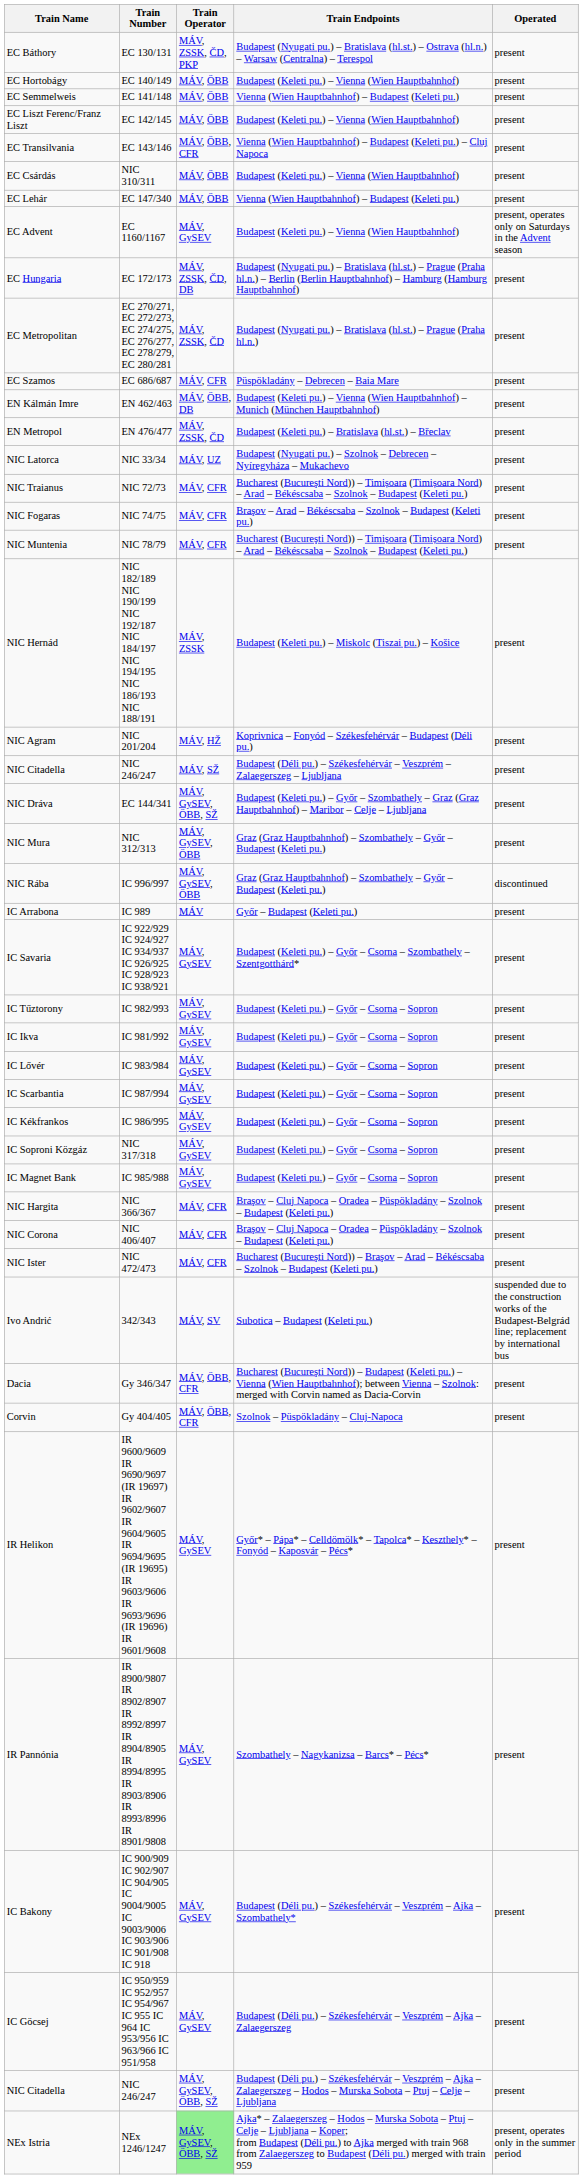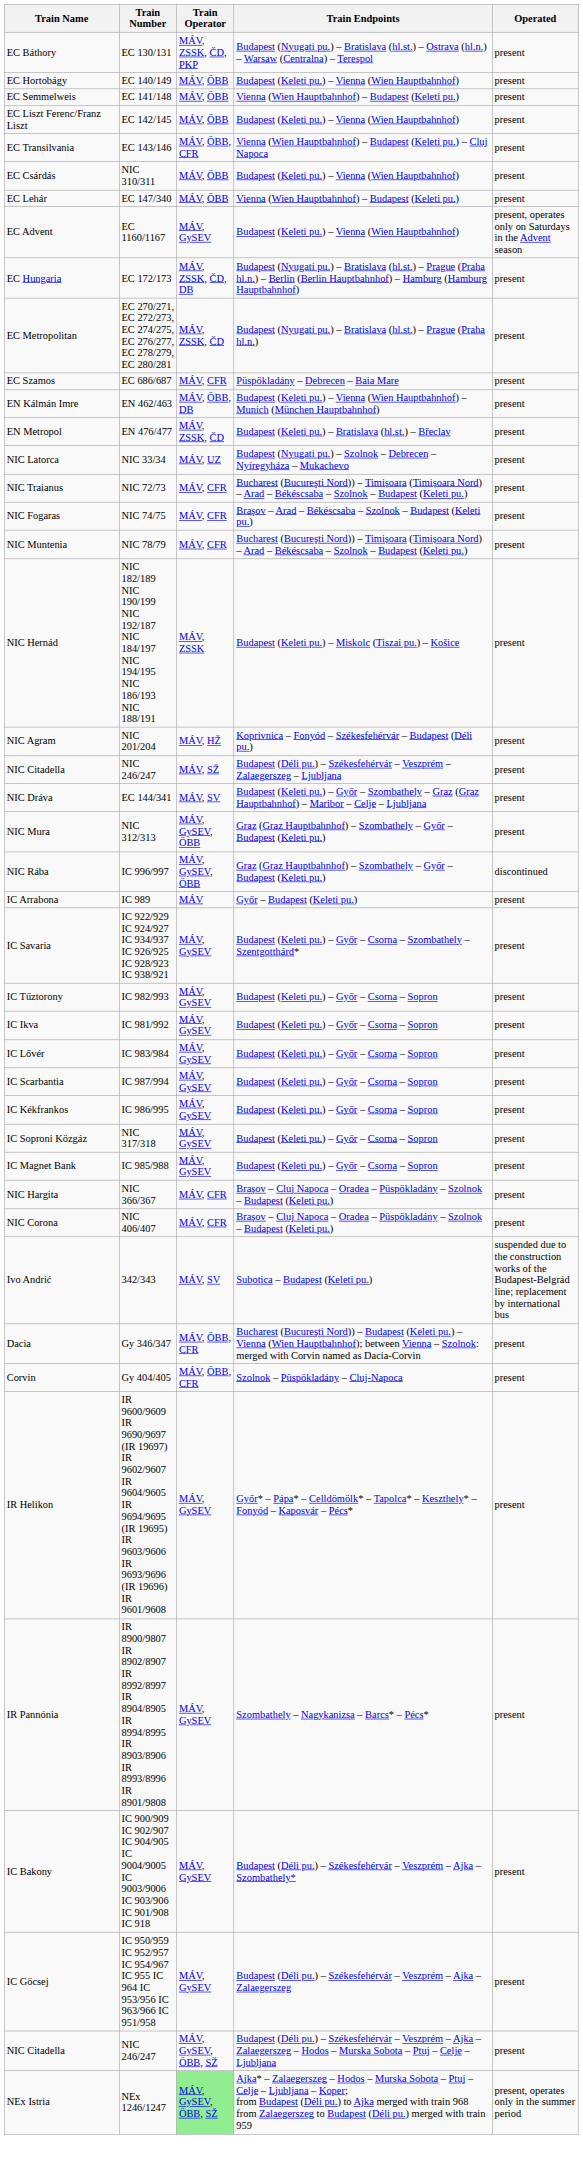 <table class="wikitable" width=100%>
 <tr>
 <th width=20%>Train Name</th>
 <th width=10%>Train Number</th>
 <th width=10%>Train Operator</th>
 <th width=45%>Train Endpoints</th>
 <th width=15%>Operated</th>
 </tr>
 <tr>
 <td>EC Báthory</td>
 <td>EC 130/131</td>
 <td><a href='#'>MÁV</a>, <a href='#'>ZSSK</a>, <a href='#'>ČD</a>, <a href='#'>PKP</a></td>
 <td><a href='#'>Budapest</a> (<a href='#'>Nyugati pu.</a>) – <a href='#'>Bratislava</a> (<a href='#'>hl.st.</a>) – <a href='#'>Ostrava</a> (<a href='#'>hl.n.</a>) – <a href='#'>Warsaw</a> (<a href='#'>Centralna</a>) – <a href='#'>Terespol</a></td>
 <td>present</td>
 </tr>
 <tr>
 <td>EC Hortobágy</td>
 <td>EC 140/149</td>
 <td><a href='#'>MÁV</a>, <a href='#'>ÖBB</a></td>
 <td><a href='#'>Budapest</a> (<a href='#'>Keleti pu.</a>) – <a href='#'>Vienna</a> (<a href='#'>Wien Hauptbahnhof</a>)</td>
 <td>present</td>
 </tr>
 <tr>
 <td>EC Semmelweis</td>
 <td>EC 141/148</td>
 <td><a href='#'>MÁV</a>, <a href='#'>ÖBB</a></td>
 <td><a href='#'>Vienna</a> (<a href='#'>Wien Hauptbahnhof</a>) – <a href='#'>Budapest</a> (<a href='#'>Keleti pu.</a>)</td>
 <td>present</td>
 </tr>
 <tr>
 <td>EC Liszt Ferenc/Franz Liszt</td>
 <td>EC 142/145</td>
 <td><a href='#'>MÁV</a>, <a href='#'>ÖBB</a></td>
 <td><a href='#'>Budapest</a> (<a href='#'>Keleti pu.</a>) – <a href='#'>Vienna</a> (<a href='#'>Wien Hauptbahnhof</a>)</td>
 <td>present</td>
 </tr>
 <tr>
 <td>EC Transilvania</td>
 <td>EC 143/146</td>
 <td><a href='#'>MÁV</a>, <a href='#'>ÖBB</a>, <a href='#'>CFR</a></td>
 <td><a href='#'>Vienna</a> (<a href='#'>Wien Hauptbahnhof</a>) – <a href='#'>Budapest</a> (<a href='#'>Keleti pu.</a>) – <a href='#'>Cluj Napoca</a></td>
 <td>present</td>
 </tr>
 <tr>
 <td>EC Csárdás</td>
 <td>NIC 310/311</td>
 <td><a href='#'>MÁV</a>, <a href='#'>ÖBB</a></td>
 <td><a href='#'>Budapest</a> (<a href='#'>Keleti pu.</a>) – <a href='#'>Vienna</a> (<a href='#'>Wien Hauptbahnhof</a>)</td>
 <td>present</td>
 </tr>
 <tr>
 <td>EC Lehár</td>
 <td>EC 147/340</td>
 <td><a href='#'>MÁV</a>, <a href='#'>ÖBB</a></td>
 <td><a href='#'>Vienna</a> (<a href='#'>Wien Hauptbahnhof</a>) – <a href='#'>Budapest</a> (<a href='#'>Keleti pu.</a>)</td>
 <td>present</td>
 </tr>
 <tr>
 <td>EC Advent</td>
 <td>EC 1160/1167</td>
 <td><a href='#'>MÁV</a>, <a href='#'>GySEV</a></td>
 <td><a href='#'>Budapest</a> (<a href='#'>Keleti pu.</a>) – <a href='#'>Vienna</a> (<a href='#'>Wien Hauptbahnhof</a>)</td>
 <td>present, operates only on Saturdays in the <a href='#'>Advent</a> season</td>
 </tr>
 <tr>
 <td>EC <a href='#'>Hungaria</a></td>
 <td>EC 172/173</td>
 <td><a href='#'>MÁV</a>, <a href='#'>ZSSK</a>, <a href='#'>ČD</a>, <a href='#'>DB</a></td>
 <td><a href='#'>Budapest</a> (<a href='#'>Nyugati pu.</a>) – <a href='#'>Bratislava</a> (<a href='#'>hl.st.</a>) – <a href='#'>Prague</a> (<a href='#'>Praha hl.n.</a>) – <a href='#'>Berlin</a> (<a href='#'>Berlin Hauptbahnhof</a>) – <a href='#'>Hamburg</a> (<a href='#'>Hamburg Hauptbahnhof</a>)</td>
 <td>present</td>
 </tr>
 <tr>
 <td>EC Metropolitan</td>
 <td>EC 270/271, EC 272/273, EC 274/275, EC 276/277, EC 278/279, EC 280/281</td>
 <td><a href='#'>MÁV</a>, <a href='#'>ZSSK</a>, <a href='#'>ČD</a></td>
 <td><a href='#'>Budapest</a> (<a href='#'>Nyugati pu.</a>) – <a href='#'>Bratislava</a> (<a href='#'>hl.st.</a>) – <a href='#'>Prague</a> (<a href='#'>Praha hl.n.</a>)</td>
 <td>present</td>
 </tr>
 <tr>
 <td>EC Szamos</td>
 <td>EC 686/687</td>
 <td><a href='#'>MÁV</a>, <a href='#'>CFR</a></td>
 <td><a href='#'>Püspökladány</a> – <a href='#'>Debrecen</a> – <a href='#'>Baia Mare</a></td>
 <td>present</td>
 </tr>
 <tr>
 <td>EN Kálmán Imre</td>
 <td>EN 462/463</td>
 <td><a href='#'>MÁV</a>, <a href='#'>ÖBB</a>, <a href='#'>DB</a></td>
 <td><a href='#'>Budapest</a> (<a href='#'>Keleti pu.</a>) – <a href='#'>Vienna</a> (<a href='#'>Wien Hauptbahnhof</a>) – <a href='#'>Munich</a> (<a href='#'>München Hauptbahnhof</a>)</td>
 <td>present</td>
 </tr>
 <tr>
 <td>EN Metropol</td>
 <td>EN 476/477</td>
 <td><a href='#'>MÁV</a>, <a href='#'>ZSSK</a>, <a href='#'>ČD</a></td>
 <td><a href='#'>Budapest</a> (<a href='#'>Keleti pu.</a>) – <a href='#'>Bratislava</a> (<a href='#'>hl.st.</a>) – <a href='#'>Břeclav</a></td>
 <td>present</td>
 </tr>
 <tr>
 <td>NIC Latorca</td>
 <td>NIC 33/34</td>
 <td><a href='#'>MÁV</a>, <a href='#'>UZ</a></td>
 <td><a href='#'>Budapest</a> (<a href='#'>Nyugati pu.</a>) – <a href='#'>Szolnok</a> – <a href='#'>Debrecen</a> – <a href='#'>Nyíregyháza</a> – <a href='#'>Mukachevo</a></td>
 <td>present</td>
 </tr>
 <tr>
 <td>NIC Traianus</td>
 <td>NIC 72/73</td>
 <td><a href='#'>MÁV</a>, <a href='#'>CFR</a></td>
 <td><a href='#'>Bucharest</a> (<a href='#'>Bucureşti Nord</a>)) – <a href='#'>Timișoara</a> (<a href='#'>Timișoara Nord</a>) – <a href='#'>Arad</a> – <a href='#'>Békéscsaba</a> – <a href='#'>Szolnok</a> – <a href='#'>Budapest</a> (<a href='#'>Keleti pu.</a>)</td>
 <td>present</td>
 </tr>
 <tr>
 <td>NIC Fogaras</td>
 <td>NIC 74/75</td>
 <td><a href='#'>MÁV</a>, <a href='#'>CFR</a></td>
 <td><a href='#'>Braşov</a> – <a href='#'>Arad</a> – <a href='#'>Békéscsaba</a> – <a href='#'>Szolnok</a> – <a href='#'>Budapest</a> (<a href='#'>Keleti pu.</a>)</td>
 <td>present</td>
 </tr>
 <tr>
 <td>NIC Muntenia</td>
 <td>NIC 78/79</td>
 <td><a href='#'>MÁV</a>, <a href='#'>CFR</a></td>
 <td><a href='#'>Bucharest</a> (<a href='#'>Bucureşti Nord</a>)) – <a href='#'>Timișoara</a> (<a href='#'>Timișoara Nord</a>) – <a href='#'>Arad</a> – <a href='#'>Békéscsaba</a> – <a href='#'>Szolnok</a> – <a href='#'>Budapest</a> (<a href='#'>Keleti pu.</a>)</td>
 <td>present</td>
 </tr>
 <tr>
 <td>NIC Hernád</td>
 <td>NIC 182/189 NIC 190/199 NIC 192/187 NIC 184/197 NIC 194/195 NIC 186/193 NIC 188/191</td>
 <td><a href='#'>MÁV</a>, <a href='#'>ZSSK</a></td>
 <td><a href='#'>Budapest</a> (<a href='#'>Keleti pu.</a>) – <a href='#'>Miskolc</a> (<a href='#'>Tiszai pu.</a>) – <a href='#'>Košice</a></td>
 <td>present</td>
 </tr>
 <tr>
 <td>NIC Agram</td>
 <td>NIC 201/204</td>
 <td><a href='#'>MÁV</a>, <a href='#'>HŽ</a></td>
 <td><a href='#'>Koprivnica</a> – <a href='#'>Fonyód</a> – <a href='#'>Székesfehérvár</a> – <a href='#'>Budapest</a> (<a href='#'>Déli pu.</a>)</td>
 <td>present</td>
 </tr>
 <tr>
 <td>NIC Citadella</td>
 <td>NIC 246/247</td>
 <td><a href='#'>MÁV</a>, <a href='#'>SŽ</a></td>
 <td><a href='#'>Budapest</a> (<a href='#'>Déli pu.</a>) – <a href='#'>Székesfehérvár</a> – <a href='#'>Veszprém</a> – <a href='#'>Zalaegerszeg</a> – <a href='#'>Ljubljana</a></td>
 <td>present</td>
 </tr>
 <tr>
 <td>NIC Dráva</td>
 <td>EC 144/341</td>
-<td><a href='#'>MÁV</a>, <a href='#'>GySEV</a>, <a href='#'>ÖBB</a>, <a href='#'>SŽ</a></td>
+<td><a href='#'>MÁV</a>, <a href='#'>SV</a></td>
 <td><a href='#'>Budapest</a> (<a href='#'>Keleti pu.</a>) – <a href='#'>Győr</a> – <a href='#'>Szombathely</a> – <a href='#'>Graz</a> (<a href='#'>Graz Hauptbahnhof</a>) – <a href='#'>Maribor</a> – <a href='#'>Celje</a> – <a href='#'>Ljubljana</a></td>
 <td>present</td>
 </tr>
 <tr>
 <td>NIC Mura</td>
 <td>NIC 312/313</td>
 <td><a href='#'>MÁV</a>, <a href='#'>GySEV</a>, <a href='#'>ÖBB</a></td>
 <td><a href='#'>Graz</a> (<a href='#'>Graz Hauptbahnhof</a>) – <a href='#'>Szombathely</a> – <a href='#'>Győr</a> – <a href='#'>Budapest</a> (<a href='#'>Keleti pu.</a>)</td>
 <td>present</td>
 </tr>
 <tr>
 <td>NIC Rába</td>
 <td>IC 996/997</td>
 <td><a href='#'>MÁV</a>, <a href='#'>GySEV</a>, <a href='#'>ÖBB</a></td>
 <td><a href='#'>Graz</a> (<a href='#'>Graz Hauptbahnhof</a>) – <a href='#'>Szombathely</a> – <a href='#'>Győr</a> – <a href='#'>Budapest</a> (<a href='#'>Keleti pu.</a>)</td>
 <td>discontinued</td>
 </tr>
 <tr>
 <td>IC Arrabona</td>
 <td>IC 989</td>
 <td><a href='#'>MÁV</a></td>
 <td><a href='#'>Győr</a> – <a href='#'>Budapest</a> (<a href='#'>Keleti pu.</a>)</td>
 <td>present</td>
 </tr>
 <tr>
 <td>IC Savaria</td>
 <td>IC 922/929<br>IC 924/927<br>IC 934/937<br>IC 926/925<br>IC 928/923<br>IC 938/921</td>
 <td><a href='#'>MÁV</a>, <a href='#'>GySEV</a></td>
 <td><a href='#'>Budapest</a> (<a href='#'>Keleti pu.</a>) – <a href='#'>Győr</a> – <a href='#'>Csorna</a> – <a href='#'>Szombathely</a> – <a href='#'>Szentgotthárd</a>*</td>
 <td>present</td>
 </tr>
 <tr>
 <td>IC Tűztorony</td>
 <td>IC 982/993</td>
 <td><a href='#'>MÁV</a>, <a href='#'>GySEV</a></td>
 <td><a href='#'>Budapest</a> (<a href='#'>Keleti pu.</a>) – <a href='#'>Győr</a> – <a href='#'>Csorna</a> – <a href='#'>Sopron</a></td>
 <td>present</td>
 </tr>
 <tr>
 <td>IC Ikva</td>
 <td>IC 981/992</td>
 <td><a href='#'>MÁV</a>, <a href='#'>GySEV</a></td>
 <td><a href='#'>Budapest</a> (<a href='#'>Keleti pu.</a>) – <a href='#'>Győr</a> – <a href='#'>Csorna</a> – <a href='#'>Sopron</a></td>
 <td>present</td>
 </tr>
 <tr>
 <td>IC Lővér</td>
 <td>IC 983/984</td>
 <td><a href='#'>MÁV</a>, <a href='#'>GySEV</a></td>
 <td><a href='#'>Budapest</a> (<a href='#'>Keleti pu.</a>) – <a href='#'>Győr</a> – <a href='#'>Csorna</a> – <a href='#'>Sopron</a></td>
 <td>present</td>
 </tr>
 <tr>
 <td>IC Scarbantia</td>
 <td>IC 987/994</td>
 <td><a href='#'>MÁV</a>, <a href='#'>GySEV</a></td>
 <td><a href='#'>Budapest</a> (<a href='#'>Keleti pu.</a>) – <a href='#'>Győr</a> – <a href='#'>Csorna</a> – <a href='#'>Sopron</a></td>
 <td>present</td>
 </tr>
 <tr>
 <td>IC Kékfrankos</td>
 <td>IC 986/995</td>
 <td><a href='#'>MÁV</a>, <a href='#'>GySEV</a></td>
 <td><a href='#'>Budapest</a> (<a href='#'>Keleti pu.</a>) – <a href='#'>Győr</a> – <a href='#'>Csorna</a> – <a href='#'>Sopron</a></td>
 <td>present</td>
 </tr>
 <tr>
 <td>IC Soproni Közgáz</td>
 <td>NIC 317/318</td>
 <td><a href='#'>MÁV</a>, <a href='#'>GySEV</a></td>
 <td><a href='#'>Budapest</a> (<a href='#'>Keleti pu.</a>) – <a href='#'>Győr</a> – <a href='#'>Csorna</a> – <a href='#'>Sopron</a></td>
 <td>present</td>
 </tr>
 <tr>
 <td>IC Magnet Bank</td>
 <td>IC 985/988</td>
 <td><a href='#'>MÁV</a>, <a href='#'>GySEV</a></td>
 <td><a href='#'>Budapest</a> (<a href='#'>Keleti pu.</a>) – <a href='#'>Győr</a> – <a href='#'>Csorna</a> – <a href='#'>Sopron</a></td>
 <td>present</td>
 </tr>
 <tr>
 <td>NIC Hargita</td>
 <td>NIC 366/367</td>
 <td><a href='#'>MÁV</a>, <a href='#'>CFR</a></td>
 <td><a href='#'>Braşov</a> – <a href='#'>Cluj Napoca</a> – <a href='#'>Oradea</a> – <a href='#'>Püspökladány</a> – <a href='#'>Szolnok</a> – <a href='#'>Budapest</a> (<a href='#'>Keleti pu.</a>)</td>
 <td>present</td>
 </tr>
 <tr>
 <td>NIC Corona</td>
 <td>NIC 406/407</td>
 <td><a href='#'>MÁV</a>, <a href='#'>CFR</a></td>
 <td><a href='#'>Braşov</a> – <a href='#'>Cluj Napoca</a> – <a href='#'>Oradea</a> – <a href='#'>Püspökladány</a> – <a href='#'>Szolnok</a> – <a href='#'>Budapest</a> (<a href='#'>Keleti pu.</a>)</td>
 <td>present</td>
 </tr>
 <tr>
-<td>NIC Ister</td>
-<td>NIC 472/473</td>
-<td><a href='#'>MÁV</a>, <a href='#'>CFR</a></td>
-<td><a href='#'>Bucharest</a> (<a href='#'>Bucureşti Nord</a>)) – <a href='#'>Braşov</a> – <a href='#'>Arad</a> – <a href='#'>Békéscsaba</a> – <a href='#'>Szolnok</a> – <a href='#'>Budapest</a> (<a href='#'>Keleti pu.</a>)</td>
-<td>present</td>
-</tr>
-<tr>
 <td>Ivo Andrić</td>
 <td>342/343</td>
 <td><a href='#'>MÁV</a>, <a href='#'>SV</a></td>
 <td><a href='#'>Subotica</a> – <a href='#'>Budapest</a> (<a href='#'>Keleti pu.</a>)</td>
 <td>suspended due to the construction works of the Budapest-Belgrád line; replacement by international bus</td>
 </tr>
 <tr>
 <td>Dacia</td>
 <td>Gy 346/347</td>
 <td><a href='#'>MÁV</a>, <a href='#'>ÖBB</a>, <a href='#'>CFR</a></td>
 <td><a href='#'>Bucharest</a> (<a href='#'>Bucureşti Nord</a>)) – <a href='#'>Budapest</a> (<a href='#'>Keleti pu.</a>) – <a href='#'>Vienna</a> (<a href='#'>Wien Hauptbahnhof</a>); between <a href='#'>Vienna</a> – <a href='#'>Szolnok</a>: merged with Corvin named as Dacia-Corvin</td>
 <td>present</td>
 </tr>
 <tr>
 <td>Corvin</td>
 <td>Gy 404/405</td>
 <td><a href='#'>MÁV</a>, <a href='#'>ÖBB</a>, <a href='#'>CFR</a></td>
 <td><a href='#'>Szolnok</a> – <a href='#'>Püspökladány</a> – <a href='#'>Cluj-Napoca</a></td>
 <td>present</td>
 </tr>
 <tr>
 <td>IR Helikon</td>
 <td>IR 9600/9609<br>IR 9690/9697 (IR 19697) IR 9602/9607 IR 9604/9605 IR 9694/9695 (IR 19695) IR 9603/9606 IR 9693/9696 (IR 19696) IR 9601/9608</td>
 <td><a href='#'>MÁV</a>, <a href='#'>GySEV</a></td>
 <td><a href='#'>Győr</a>* – <a href='#'>Pápa</a>* – <a href='#'>Celldömölk</a>* – <a href='#'>Tapolca</a>* – <a href='#'>Keszthely</a>* – <a href='#'>Fonyód</a> – <a href='#'>Kaposvár</a> – <a href='#'>Pécs</a>*</td>
 <td>present</td>
 </tr>
 <tr>
 <td>IR Pannónia</td>
 <td>IR 8900/9807<br>IR 8902/8907 IR 8992/8997 IR 8904/8905 IR 8994/8995 IR 8903/8906 IR 8993/8996 IR 8901/9808</td>
 <td><a href='#'>MÁV</a>, <a href='#'>GySEV</a></td>
 <td><a href='#'>Szombathely</a> – <a href='#'>Nagykanizsa</a> – <a href='#'>Barcs</a>* – <a href='#'>Pécs</a>*</td>
 <td>present</td>
 </tr>
 <tr>
 <td>IC Bakony</td>
 <td>IC 900/909<br>IC 902/907 IC 904/905 IC 9004/9005 IC 9003/9006 IC 903/906 IC 901/908 IC 918</td>
 <td><a href='#'>MÁV</a>, <a href='#'>GySEV</a></td>
 <td><a href='#'>Budapest</a> (<a href='#'>Déli pu.</a>) – <a href='#'>Székesfehérvár</a> – <a href='#'>Veszprém</a> – <a href='#'>Ajka</a> – <a href='#'>Szombathely*</a></td>
 <td>present</td>
 </tr>
 <tr>
 <td>IC Göcsej</td>
 <td>IC 950/959<br>IC 952/957 IC 954/967 IC 955 IC 964 IC 953/956 IC 963/966 IC 951/958</td>
 <td><a href='#'>MÁV</a>, <a href='#'>GySEV</a></td>
 <td><a href='#'>Budapest</a> (<a href='#'>Déli pu.</a>) – <a href='#'>Székesfehérvár</a> – <a href='#'>Veszprém</a> – <a href='#'>Ajka</a> – <a href='#'>Zalaegerszeg</a></td>
 <td>present</td>
 </tr>
 <tr>
 <td>NIC Citadella</td>
 <td>NIC 246/247</td>
 <td><a href='#'>MÁV</a>, <a href='#'>GySEV</a>, <a href='#'>ÖBB</a>, <a href='#'>SŽ</a></td>
 <td><a href='#'>Budapest</a> (<a href='#'>Déli pu.</a>) – <a href='#'>Székesfehérvár</a> – <a href='#'>Veszprém</a> – <a href='#'>Ajka</a> – <a href='#'>Zalaegerszeg</a> – <a href='#'>Hodos</a> – <a href='#'>Murska Sobota</a> – <a href='#'>Ptuj</a> – <a href='#'>Celje</a> – <a href='#'>Ljubljana</a></td>
 <td>present</td>
 </tr>
 <tr>
 <td>NEx Istria</td>
 <td>NEx 1246/1247</td>
 <td style="background: lightgreen;"><a href='#'>MÁV</a>, <a href='#'>GySEV</a>, <a href='#'>ÖBB</a>, <a href='#'>SŽ</a></td>
 <td><a href='#'>Ajka</a>* – <a href='#'>Zalaegerszeg</a> – <a href='#'>Hodos</a> – <a href='#'>Murska Sobota</a> – <a href='#'>Ptuj</a> – <a href='#'>Celje</a> – <a href='#'>Ljubljana</a> – <a href='#'>Koper</a>;<br>from <a href='#'>Budapest</a> (<a href='#'>Déli pu.</a>) to <a href='#'>Ajka</a> merged with train 968 from <a href='#'>Zalaegerszeg</a> to <a href='#'>Budapest</a> (<a href='#'>Déli pu.</a>) merged with train 959</td>
 <td>present, operates only in the summer period</td>
 </tr>
 </table>
